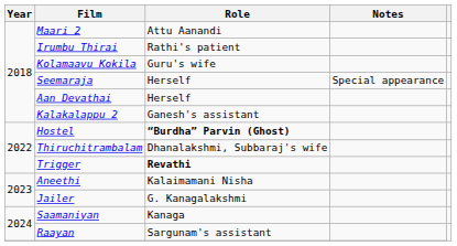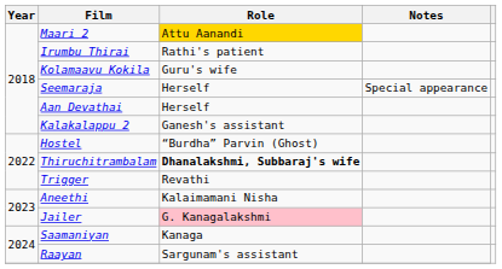 <table class="wikitable sortable">
 <tr>
 <th>Year</th>
 <th>Film</th>
 <th>Role</th>
 <th>Notes</th>
 <th scope="col" class="unsortable"></th>
 </tr>
 <tr>
 <td rowspan="6">2018</td>
 <td><em><a href='#'>Maari 2</a></em></td>
-<td>Attu Aanandi</td>
+<td style="background: gold;">Attu Aanandi</td>
 <td></td>
 <td></td>
 </tr>
 <tr>
 <td><em><a href='#'>Irumbu Thirai</a></em></td>
 <td>Rathi's patient</td>
 <td></td>
 <td></td>
 </tr>
 <tr>
 <td><em><a href='#'>Kolamaavu Kokila</a></em></td>
 <td>Guru's wife</td>
 <td></td>
 <td></td>
 </tr>
 <tr>
 <td><em><a href='#'>Seemaraja</a></em></td>
 <td>Herself</td>
 <td>Special appearance</td>
 <td></td>
 </tr>
 <tr>
 <td><em><a href='#'>Aan Devathai</a></em></td>
 <td>Herself</td>
 <td></td>
 <td></td>
 </tr>
 <tr>
 <td><em><a href='#'>Kalakalappu 2</a></em></td>
 <td>Ganesh's assistant</td>
 <td></td>
 <td></td>
 </tr>
 <tr>
 <td rowspan="3">2022</td>
 <td><em><a href='#'>Hostel</a></em></td>
-<td><strong>“Burdha” Parvin (Ghost)</strong></td>
+<td>“Burdha” Parvin (Ghost)</td>
 <td></td>
 <td></td>
 </tr>
 <tr>
 <td><em><a href='#'>Thiruchitrambalam</a></em></td>
-<td>Dhanalakshmi, Subbaraj's wife</td>
+<td><strong>Dhanalakshmi, Subbaraj's wife</strong></td>
 <td></td>
 </tr>
 <tr>
 <td><em><a href='#'>Trigger</a></em></td>
-<td><strong>Revathi</strong></td>
+<td>Revathi</td>
 <td></td>
 <td></td>
 </tr>
 <tr>
 <td rowspan="2">2023</td>
 <td><em><a href='#'>Aneethi</a></em></td>
 <td>Kalaimamani Nisha</td>
 <td></td>
 <td></td>
 </tr>
 <tr>
 <td><em><a href='#'>Jailer</a></em></td>
-<td>G. Kanagalakshmi</td>
+<td style="background: pink;">G. Kanagalakshmi</td>
 <td></td>
 </tr>
 <tr>
 <td rowspan="2">2024</td>
 <td><em><a href='#'>Saamaniyan</a></em></td>
 <td>Kanaga</td>
 <td></td>
 <td></td>
 </tr>
 <tr>
 <td><em><a href='#'>Raayan</a></em></td>
 <td>Sargunam's assistant</td>
 <td></td>
 </tr>
 <tr>
 </tr>
 </table>
